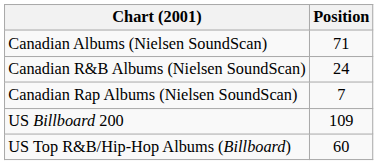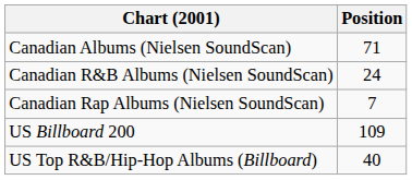 <table class="wikitable sortable plainrowheaders">
 <tr>
 <th>Chart (2001)</th>
 <th>Position</th>
 </tr>
 <tr>
 <td>Canadian Albums (Nielsen SoundScan)</td>
 <td align="center">71</td>
 </tr>
 <tr>
 <td>Canadian R&B Albums (Nielsen SoundScan)</td>
 <td align="center">24</td>
 </tr>
 <tr>
 <td>Canadian Rap Albums (Nielsen SoundScan)</td>
 <td style="text-align:center">7</td>
 </tr>
 <tr>
 <td>US <em>Billboard</em> 200</td>
 <td style="text-align:center">109</td>
 </tr>
 <tr>
 <td>US Top R&B/Hip-Hop Albums (<em>Billboard</em>)</td>
-<td style="text-align:center">60</td>
+<td style="text-align:center">40</td>
 </tr>
 </table>
